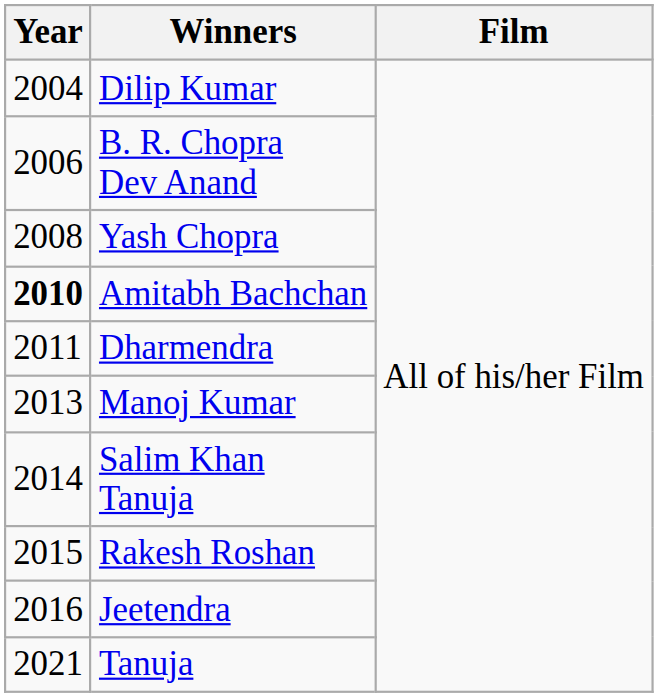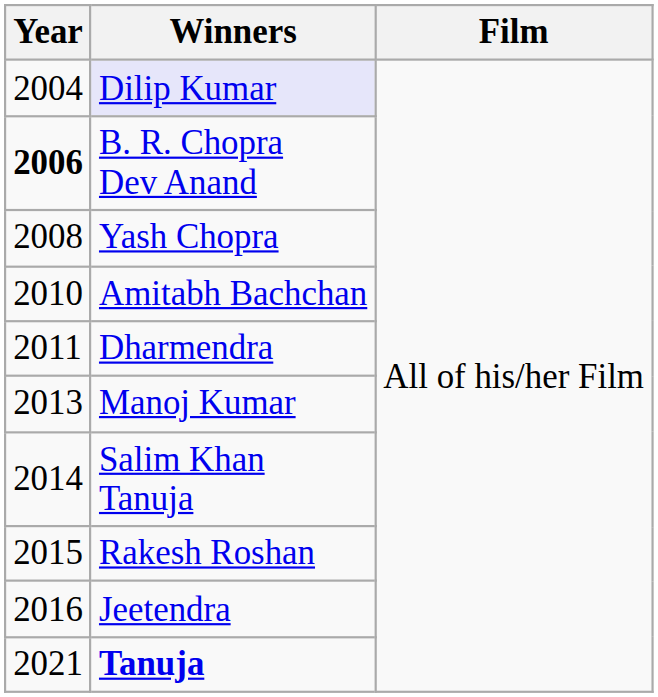 <table class="wikitable">
 <tr>
 <th>Year</th>
 <th>Winners</th>
 <th>Film</th>
 </tr>
 <tr>
 <td>2004</td>
-<td><a href='#'>Dilip Kumar</a></td>
+<td style="background: lavender;"><a href='#'>Dilip Kumar</a></td>
 <td rowspan="10">All of his/her Film</td>
 </tr>
 <tr>
-<td>2006</td>
+<td><strong>2006</strong></td>
 <td><a href='#'>B. R. Chopra</a><br><a href='#'>Dev Anand</a></td>
 </tr>
 <tr>
 <td>2008</td>
 <td><a href='#'>Yash Chopra</a></td>
 </tr>
 <tr>
-<td><strong>2010</strong></td>
+<td>2010</td>
 <td><a href='#'>Amitabh Bachchan</a></td>
 </tr>
 <tr>
 <td>2011</td>
 <td><a href='#'>Dharmendra</a></td>
 </tr>
 <tr>
 <td>2013</td>
 <td><a href='#'>Manoj Kumar</a></td>
 </tr>
 <tr>
 <td>2014</td>
 <td><a href='#'>Salim Khan</a><br><a href='#'>Tanuja</a></td>
 </tr>
 <tr>
 <td>2015</td>
 <td><a href='#'>Rakesh Roshan</a></td>
 </tr>
 <tr>
 <td>2016</td>
 <td><a href='#'>Jeetendra</a></td>
 </tr>
 <tr>
 <td>2021</td>
-<td><a href='#'>Tanuja</a></td>
+<td><strong><a href='#'>Tanuja</a></strong></td>
 </tr>
 </table>
